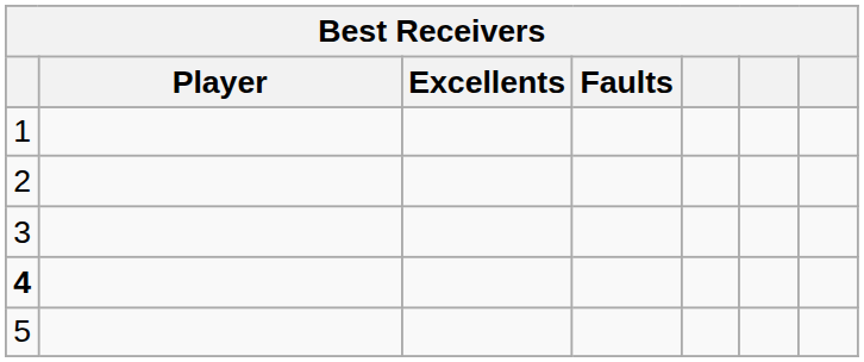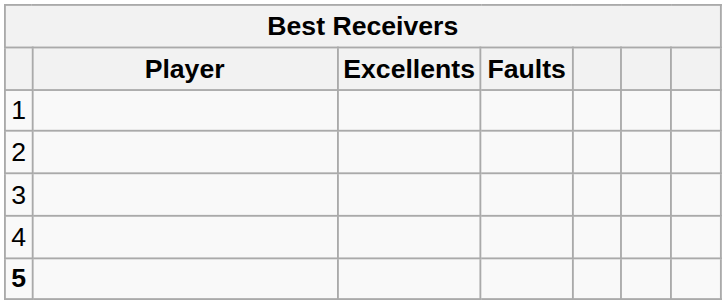 <table class="wikitable sortable" style=font-size:90%>
 <tr>
 <th colspan=7>Best Receivers</th>
 </tr>
 <tr>
 <th></th>
 <th width=158>Player</th>
 <th width=20>Excellents</th>
 <th width=20>Faults</th>
 <th width=20></th>
 <th width=20></th>
 <th width=20></th>
 </tr>
 <tr>
 <td>1</td>
 <td></td>
 <td align=center></td>
 <td align=center></td>
 <td align=center></td>
 <td align=center></td>
 <td align=center></td>
 </tr>
 <tr>
 <td>2</td>
 <td></td>
 <td align=center></td>
 <td align=center></td>
 <td align=center></td>
 <td align=center></td>
 <td align=center></td>
 </tr>
 <tr>
 <td>3</td>
 <td></td>
 <td align=center></td>
 <td align=center></td>
 <td align=center></td>
 <td align=center></td>
 <td align=center></td>
 </tr>
 <tr>
-<td><strong>4</strong></td>
+<td>4</td>
 <td></td>
 <td align=center></td>
 <td align=center></td>
 <td align=center></td>
 <td align=center></td>
 <td align=center></td>
 </tr>
 <tr>
-<td>5</td>
+<td><strong>5</strong></td>
 <td></td>
 <td align=center></td>
 <td align=center></td>
 <td align=center></td>
 <td align=center></td>
 <td align=center></td>
 </tr>
 </table>
